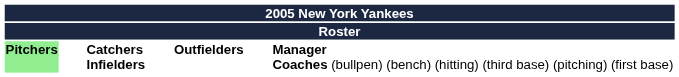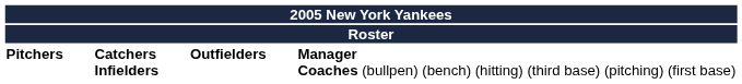 <table class="toccolours" style="font-size: 95%;">
 <tr>
 <th colspan="10" style="background-color: #1c2841; color: white; text-align: center;">2005 New York Yankees</th>
 </tr>
 <tr>
 <td colspan="10" style="background-color: #1c2841; color: white; text-align: center;"><strong>Roster</strong></td>
 </tr>
 <tr>
-<td valign="top" style="background: lightgreen;"><strong>Pitchers</strong><br>                           </td>
+<td valign="top"><strong>Pitchers</strong><br>                           </td>
 <td width="25px"></td>
 <td valign="top"><strong>Catchers</strong><br>   <strong>Infielders</strong>          </td>
 <td width="25px"></td>
 <td valign="top"><strong>Outfielders</strong><br>         </td>
 <td width="25px"></td>
 <td valign="top"><strong>Manager</strong><br> <strong>Coaches</strong>  (bullpen)  (bench)  (hitting)  (third base) (pitching)  (first base)</td>
 </tr>
 </table>
